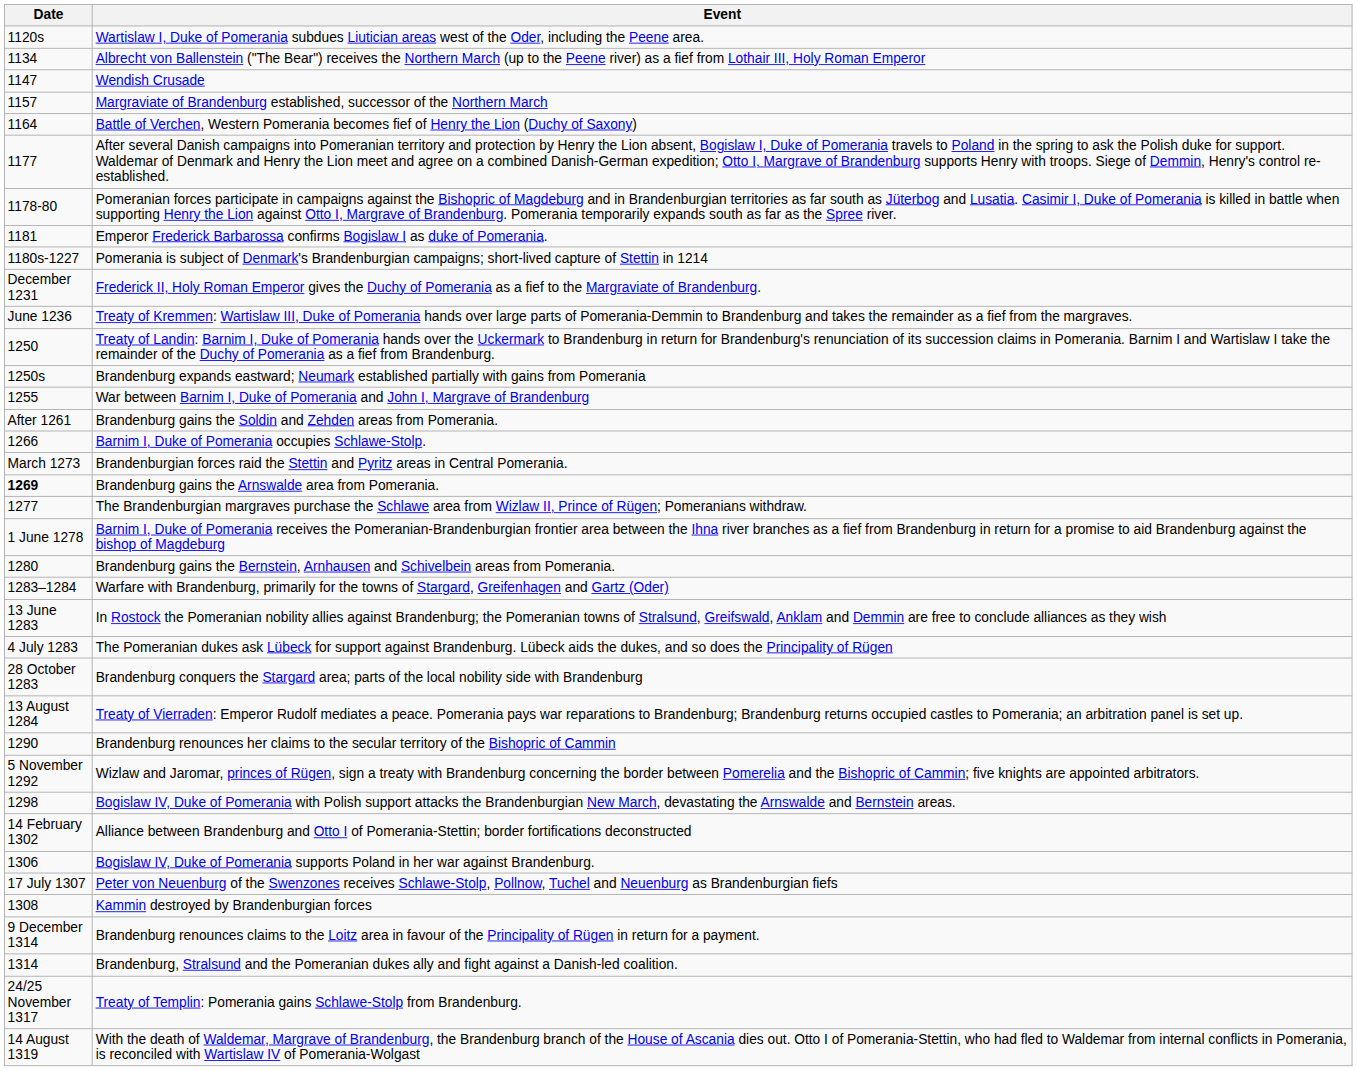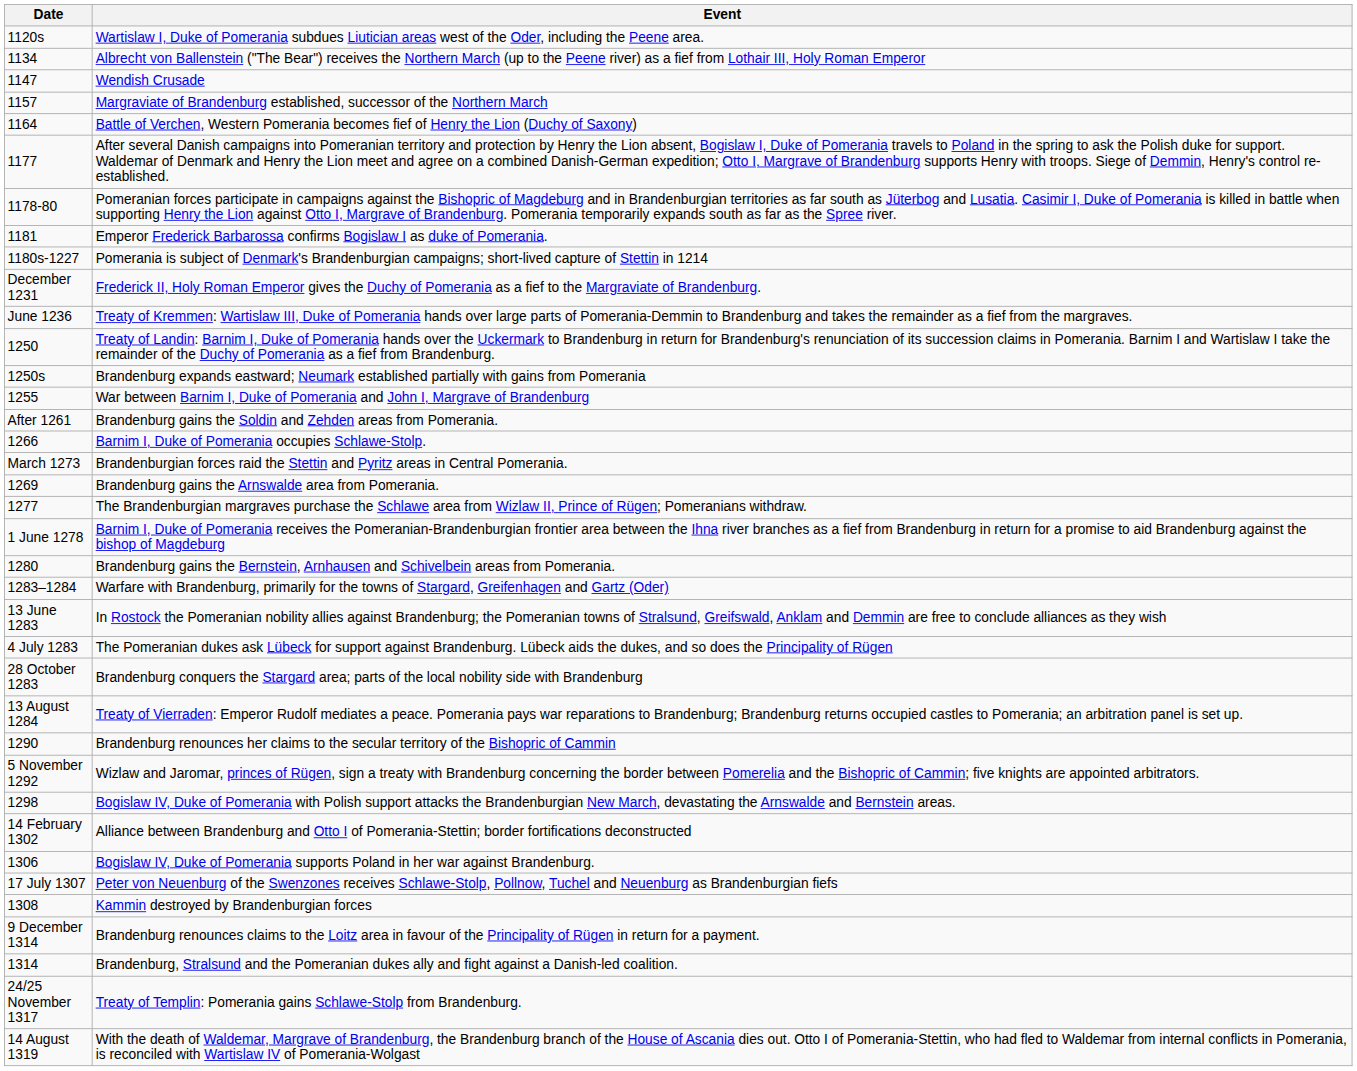 <table class=wikitable>
 <tr>
 <th width="95pt">Date</th>
 <th>Event</th>
 </tr>
 <tr>
 <td>1120s</td>
 <td><a href='#'>Wartislaw I, Duke of Pomerania</a> subdues <a href='#'>Liutician areas</a> west of the <a href='#'>Oder</a>, including the <a href='#'>Peene</a> area.</td>
 </tr>
 <tr>
 <td>1134</td>
 <td><a href='#'>Albrecht von Ballenstein</a> ("The Bear") receives the <a href='#'>Northern March</a> (up to the <a href='#'>Peene</a> river) as a fief from <a href='#'>Lothair III, Holy Roman Emperor</a></td>
 </tr>
 <tr>
 <td>1147</td>
 <td><a href='#'>Wendish Crusade</a></td>
 </tr>
 <tr>
 <td>1157</td>
 <td><a href='#'>Margraviate of Brandenburg</a> established, successor of the <a href='#'>Northern March</a></td>
 </tr>
 <tr>
 <td>1164</td>
 <td><a href='#'>Battle of Verchen</a>, Western Pomerania becomes fief of <a href='#'>Henry the Lion</a> (<a href='#'>Duchy of Saxony</a>)</td>
 </tr>
 <tr>
 <td>1177</td>
 <td>After several Danish campaigns into Pomeranian territory and protection by Henry the Lion absent, <a href='#'>Bogislaw I, Duke of Pomerania</a> travels to <a href='#'>Poland</a> in the spring to ask the Polish duke for support. Waldemar of Denmark and Henry the Lion meet and agree on a combined Danish-German expedition; <a href='#'>Otto I, Margrave of Brandenburg</a> supports Henry with troops. Siege of <a href='#'>Demmin</a>, Henry's control re-established.</td>
 </tr>
 <tr>
 <td>1178-80</td>
 <td>Pomeranian forces participate in campaigns against the <a href='#'>Bishopric of Magdeburg</a> and in Brandenburgian territories as far south as <a href='#'>Jüterbog</a> and <a href='#'>Lusatia</a>. <a href='#'>Casimir I, Duke of Pomerania</a> is killed in battle when supporting <a href='#'>Henry the Lion</a> against <a href='#'>Otto I, Margrave of Brandenburg</a>. Pomerania temporarily expands south as far as the <a href='#'>Spree</a> river.</td>
 </tr>
 <tr>
 <td>1181</td>
 <td>Emperor <a href='#'>Frederick Barbarossa</a> confirms <a href='#'>Bogislaw I</a> as <a href='#'>duke of Pomerania</a>.</td>
 </tr>
 <tr>
 <td>1180s-1227</td>
 <td>Pomerania is subject of <a href='#'>Denmark</a>'s Brandenburgian campaigns; short-lived capture of <a href='#'>Stettin</a> in 1214</td>
 </tr>
 <tr>
 <td>December 1231</td>
 <td><a href='#'>Frederick II, Holy Roman Emperor</a> gives the <a href='#'>Duchy of Pomerania</a> as a fief to the <a href='#'>Margraviate of Brandenburg</a>.</td>
 </tr>
 <tr>
 <td>June 1236</td>
 <td><a href='#'>Treaty of Kremmen</a>: <a href='#'>Wartislaw III, Duke of Pomerania</a> hands over large parts of Pomerania-Demmin to Brandenburg and takes the remainder as a fief from the margraves.</td>
 </tr>
 <tr>
 <td>1250</td>
 <td><a href='#'>Treaty of Landin</a>: <a href='#'>Barnim I, Duke of Pomerania</a> hands over the <a href='#'>Uckermark</a> to Brandenburg in return for Brandenburg's renunciation of its succession claims in Pomerania. Barnim I and Wartislaw I take the remainder of the <a href='#'>Duchy of Pomerania</a> as a fief from Brandenburg.</td>
 </tr>
 <tr>
 <td>1250s</td>
 <td>Brandenburg expands eastward; <a href='#'>Neumark</a> established partially with gains from Pomerania</td>
 </tr>
 <tr>
 <td>1255</td>
 <td>War between <a href='#'>Barnim I, Duke of Pomerania</a> and <a href='#'>John I, Margrave of Brandenburg</a></td>
 </tr>
 <tr>
 <td>After 1261</td>
 <td>Brandenburg gains the <a href='#'>Soldin</a> and <a href='#'>Zehden</a> areas from Pomerania.</td>
 </tr>
 <tr>
 <td>1266</td>
 <td><a href='#'>Barnim I, Duke of Pomerania</a> occupies <a href='#'>Schlawe-Stolp</a>.</td>
 </tr>
 <tr>
 <td>March 1273</td>
 <td>Brandenburgian forces raid the <a href='#'>Stettin</a> and <a href='#'>Pyritz</a> areas in Central Pomerania.</td>
 </tr>
 <tr>
-<td><strong>1269</strong></td>
+<td>1269</td>
 <td>Brandenburg gains the <a href='#'>Arnswalde</a> area from Pomerania.</td>
 </tr>
 <tr>
 <td>1277</td>
 <td>The Brandenburgian margraves purchase the <a href='#'>Schlawe</a> area from <a href='#'>Wizlaw II, Prince of Rügen</a>; Pomeranians withdraw.</td>
 </tr>
 <tr>
 <td>1 June 1278</td>
 <td><a href='#'>Barnim I, Duke of Pomerania</a> receives the Pomeranian-Brandenburgian frontier area between the <a href='#'>Ihna</a> river branches as a fief from Brandenburg in return for a promise to aid Brandenburg against the <a href='#'>bishop of Magdeburg</a></td>
 </tr>
 <tr>
 <td>1280</td>
 <td>Brandenburg gains the <a href='#'>Bernstein</a>, <a href='#'>Arnhausen</a> and <a href='#'>Schivelbein</a> areas from Pomerania.</td>
 </tr>
 <tr>
 <td>1283–1284</td>
 <td>Warfare with Brandenburg, primarily for the towns of <a href='#'>Stargard</a>, <a href='#'>Greifenhagen</a> and <a href='#'>Gartz (Oder)</a></td>
 </tr>
 <tr>
 <td>13 June 1283</td>
 <td>In <a href='#'>Rostock</a> the Pomeranian nobility allies against Brandenburg; the Pomeranian towns of <a href='#'>Stralsund</a>, <a href='#'>Greifswald</a>, <a href='#'>Anklam</a> and <a href='#'>Demmin</a> are free to conclude alliances as they wish</td>
 </tr>
 <tr>
 <td>4 July 1283</td>
 <td>The Pomeranian dukes ask <a href='#'>Lübeck</a> for support against Brandenburg. Lübeck aids the dukes, and so does the <a href='#'>Principality of Rügen</a></td>
 </tr>
 <tr>
 <td>28 October 1283</td>
 <td>Brandenburg conquers the <a href='#'>Stargard</a> area; parts of the local nobility side with Brandenburg</td>
 </tr>
 <tr>
 <td>13 August 1284</td>
 <td><a href='#'>Treaty of Vierraden</a>: Emperor Rudolf mediates a peace. Pomerania pays war reparations to Brandenburg; Brandenburg returns occupied castles to Pomerania; an arbitration panel is set up.</td>
 </tr>
 <tr>
 <td>1290</td>
 <td>Brandenburg renounces her claims to the secular territory of the <a href='#'>Bishopric of Cammin</a></td>
 </tr>
 <tr>
 <td>5 November 1292</td>
 <td>Wizlaw and Jaromar, <a href='#'>princes of Rügen</a>, sign a treaty with Brandenburg concerning the border between <a href='#'>Pomerelia</a> and the <a href='#'>Bishopric of Cammin</a>; five knights are appointed arbitrators.</td>
 </tr>
 <tr>
 <td>1298</td>
 <td><a href='#'>Bogislaw IV, Duke of Pomerania</a> with Polish support attacks the Brandenburgian <a href='#'>New March</a>, devastating the <a href='#'>Arnswalde</a> and <a href='#'>Bernstein</a> areas.</td>
 </tr>
 <tr>
 <td>14 February 1302</td>
 <td>Alliance between Brandenburg and <a href='#'>Otto I</a> of Pomerania-Stettin; border fortifications deconstructed</td>
 </tr>
 <tr>
 <td>1306</td>
 <td><a href='#'>Bogislaw IV, Duke of Pomerania</a> supports Poland in her war against Brandenburg.</td>
 </tr>
 <tr>
 <td>17 July 1307</td>
 <td><a href='#'>Peter von Neuenburg</a> of the <a href='#'>Swenzones</a> receives <a href='#'>Schlawe-Stolp</a>, <a href='#'>Pollnow</a>, <a href='#'>Tuchel</a> and <a href='#'>Neuenburg</a> as Brandenburgian fiefs</td>
 </tr>
 <tr>
 <td>1308</td>
 <td><a href='#'>Kammin</a> destroyed by Brandenburgian forces</td>
 </tr>
 <tr>
 <td>9 December 1314</td>
 <td>Brandenburg renounces claims to the <a href='#'>Loitz</a> area in favour of the <a href='#'>Principality of Rügen</a> in return for a payment.</td>
 </tr>
 <tr>
 <td>1314</td>
 <td>Brandenburg, <a href='#'>Stralsund</a> and the Pomeranian dukes ally and fight against a Danish-led coalition.</td>
 </tr>
 <tr>
 <td>24/25 November 1317</td>
 <td><a href='#'>Treaty of Templin</a>: Pomerania gains <a href='#'>Schlawe-Stolp</a> from Brandenburg.</td>
 </tr>
 <tr>
 <td>14 August 1319</td>
 <td>With the death of <a href='#'>Waldemar, Margrave of Brandenburg</a>, the Brandenburg branch of the <a href='#'>House of Ascania</a> dies out. Otto I of Pomerania-Stettin, who had fled to Waldemar from internal conflicts in Pomerania, is reconciled with <a href='#'>Wartislaw IV</a> of Pomerania-Wolgast</td>
 </tr>
 </table>
